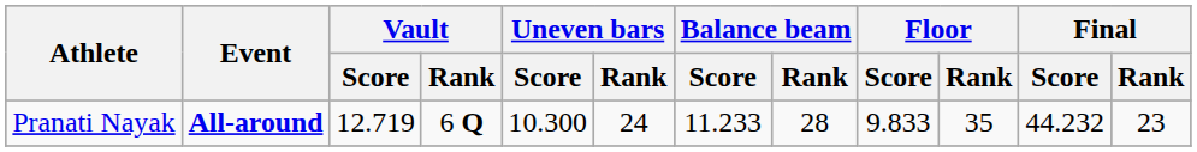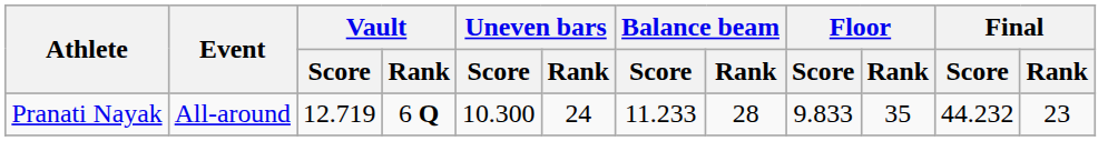 <table class="wikitable" style="text-align:center; font-size:90%">
 <tr>
 <th rowspan="2">Athlete</th>
 <th rowspan="2">Event</th>
 <th colspan="2"><a href='#'>Vault</a></th>
 <th colspan="2"><a href='#'>Uneven bars</a></th>
 <th colspan="2"><a href='#'>Balance beam</a></th>
 <th colspan="2"><a href='#'>Floor</a></th>
 <th colspan="2">Final</th>
 </tr>
 <tr>
 <th>Score</th>
 <th>Rank</th>
 <th>Score</th>
 <th>Rank</th>
 <th>Score</th>
 <th>Rank</th>
 <th>Score</th>
 <th>Rank</th>
 <th>Score</th>
 <th>Rank</th>
 </tr>
 <tr>
 <td style="text-align:left"><a href='#'>Pranati Nayak</a></td>
-<td><strong><a href='#'>All-around</a></strong></td>
+<td><a href='#'>All-around</a></td>
 <td>12.719</td>
 <td>6 <strong>Q</strong></td>
 <td>10.300</td>
 <td>24</td>
 <td>11.233</td>
 <td>28</td>
 <td>9.833</td>
 <td>35</td>
 <td>44.232</td>
 <td>23</td>
 </tr>
 </table>
